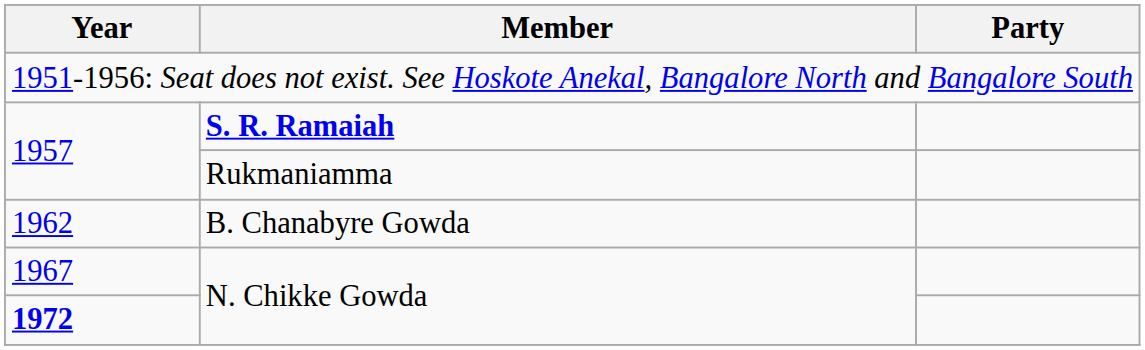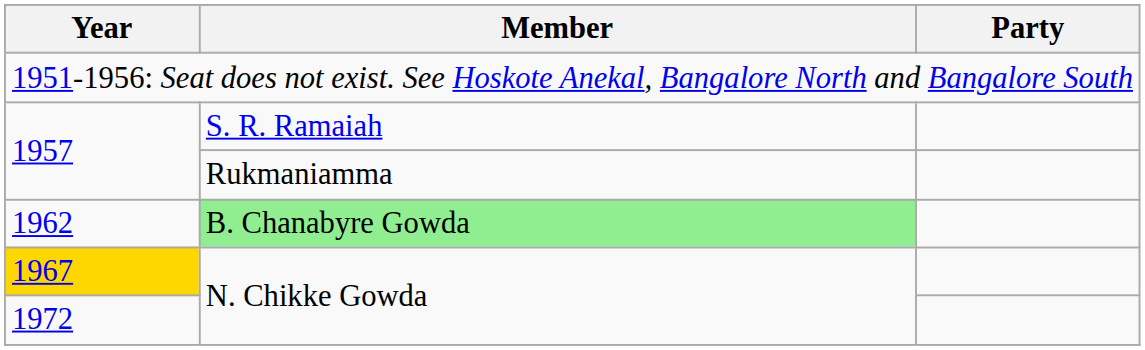 <table class="wikitable">
 <tr>
 <th>Year</th>
 <th>Member</th>
 <th colspan="2">Party</th>
 </tr>
 <tr>
 <td colspan="4" align="center"><a href='#'>1951</a>-1956: <em>Seat does not exist. See <a href='#'>Hoskote Anekal</a>, <a href='#'>Bangalore North</a> and <a href='#'>Bangalore South</a></em></td>
 </tr>
 <tr>
 <td rowspan="2"><a href='#'>1957</a></td>
-<td><strong><a href='#'>S. R. Ramaiah</a></strong></td>
+<td><a href='#'>S. R. Ramaiah</a></td>
 <td></td>
 </tr>
 <tr>
 <td>Rukmaniamma</td>
 </tr>
 <tr>
 <td><a href='#'>1962</a></td>
-<td>B. Chanabyre Gowda</td>
+<td style="background: lightgreen;">B. Chanabyre Gowda</td>
 <td></td>
 </tr>
 <tr>
-<td><a href='#'>1967</a></td>
+<td style="background: gold;"><a href='#'>1967</a></td>
 <td rowspan="2">N. Chikke Gowda</td>
 <td></td>
 </tr>
 <tr>
-<td><strong><a href='#'>1972</a></strong></td>
+<td><a href='#'>1972</a></td>
 </tr>
 </table>
